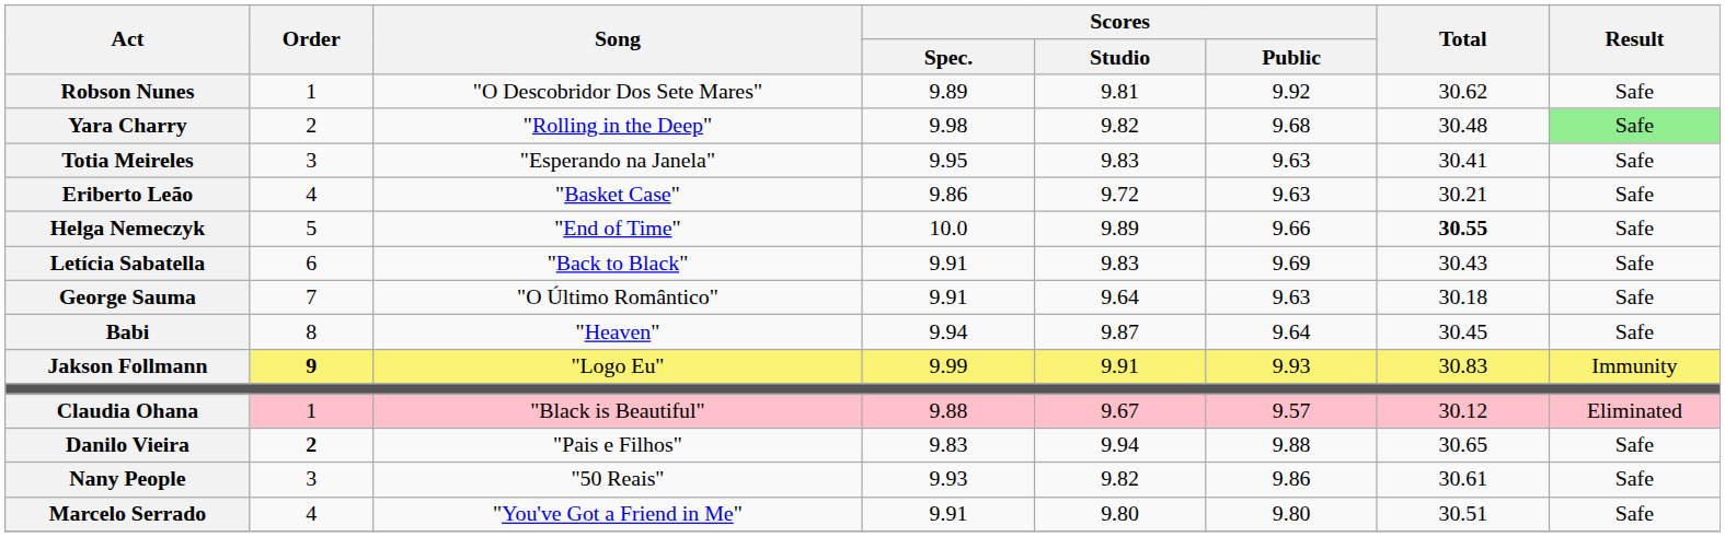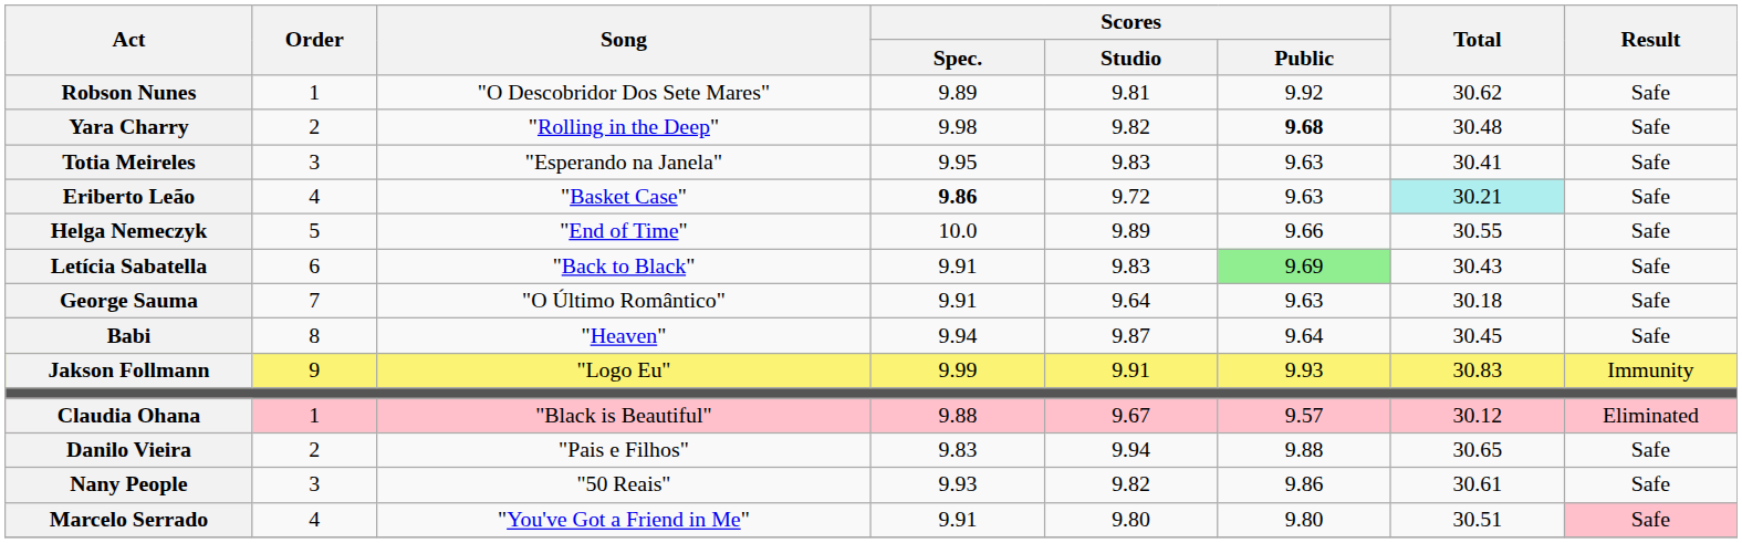 <table class="wikitable plainrowheaders" style="text-align:center; width:100%;">
 <tr>
 <th scope="col" rowspan=2 width="10.0%">Act</th>
 <th scope="col" rowspan=2 width="05.0%">Order</th>
 <th scope="col" rowspan=2 width="20.0%">Song</th>
 <th scope="col" colspan=3 width="20.0%">Scores</th>
 <th scope="col" rowspan=2 width="07.0%">Total</th>
 <th scope="col" rowspan=2 width="07.0%">Result</th>
 </tr>
 <tr>
 <th scope="col" width="07.0%">Spec.</th>
 <th scope="col" width="07.0%">Studio</th>
 <th scope="col" width="07.0%">Public</th>
 </tr>
 <tr>
 <th scope="row">Robson Nunes</th>
 <td>1</td>
 <td>"O Descobridor Dos Sete Mares"</td>
 <td>9.89 </td>
 <td>9.81</td>
 <td>9.92</td>
 <td>30.62</td>
 <td>Safe</td>
 </tr>
 <tr>
 <th scope="row">Yara Charry</th>
 <td>2</td>
 <td>"<a href='#'>Rolling in the Deep</a>"</td>
 <td>9.98 </td>
 <td>9.82</td>
-<td>9.68</td>
+<td><strong>9.68</strong></td>
 <td>30.48</td>
-<td style="background: lightgreen;">Safe</td>
+<td>Safe</td>
 </tr>
 <tr>
 <th scope="row">Totia Meireles</th>
 <td>3</td>
 <td>"Esperando na Janela"</td>
 <td>9.95 </td>
 <td>9.83</td>
 <td>9.63</td>
 <td>30.41</td>
 <td>Safe</td>
 </tr>
 <tr>
 <th scope="row">Eriberto Leão</th>
 <td>4</td>
 <td>"<a href='#'>Basket Case</a>"</td>
-<td>9.86 </td>
+<td><strong>9.86 </strong></td>
 <td>9.72</td>
 <td>9.63</td>
-<td>30.21</td>
+<td style="background: paleturquoise;">30.21</td>
 <td>Safe</td>
 </tr>
 <tr>
 <th scope="row">Helga Nemeczyk</th>
 <td>5</td>
 <td>"<a href='#'>End of Time</a>"</td>
 <td>10.0 </td>
 <td>9.89</td>
 <td>9.66</td>
-<td><strong>30.55</strong></td>
+<td>30.55</td>
 <td>Safe</td>
 </tr>
 <tr>
 <th scope="row">Letícia Sabatella</th>
 <td>6</td>
 <td>"<a href='#'>Back to Black</a>"</td>
 <td>9.91 </td>
 <td>9.83</td>
-<td>9.69</td>
+<td style="background: lightgreen;">9.69</td>
 <td>30.43</td>
 <td>Safe</td>
 </tr>
 <tr>
 <th scope="row">George Sauma</th>
 <td>7</td>
 <td>"O Último Romântico"</td>
 <td>9.91 </td>
 <td>9.64</td>
 <td>9.63</td>
 <td>30.18</td>
 <td>Safe</td>
 </tr>
 <tr>
 <th scope="row">Babi</th>
 <td>8</td>
 <td>"<a href='#'>Heaven</a>"</td>
 <td>9.94 </td>
 <td>9.87</td>
 <td>9.64</td>
 <td>30.45</td>
 <td>Safe</td>
 </tr>
 <tr bgcolor=FBF373>
 <th scope="row">Jakson Follmann</th>
-<td><strong>9</strong></td>
+<td>9</td>
 <td>"Logo Eu"</td>
 <td>9.99 </td>
 <td>9.91</td>
 <td>9.93</td>
 <td>30.83</td>
 <td>Immunity</td>
 </tr>
 <tr>
 <td bgcolor=555555 colspan=8></td>
 </tr>
 <tr bgcolor=FFC0CB>
 <th scope="row">Claudia Ohana</th>
 <td>1</td>
 <td>"Black is Beautiful"</td>
 <td>9.88 </td>
 <td>9.67</td>
 <td>9.57</td>
 <td>30.12</td>
 <td>Eliminated</td>
 </tr>
 <tr>
 <th scope="row">Danilo Vieira</th>
-<td><strong>2</strong></td>
+<td>2</td>
 <td>"Pais e Filhos"</td>
 <td>9.83 </td>
 <td>9.94</td>
 <td>9.88</td>
 <td>30.65</td>
 <td>Safe</td>
 </tr>
 <tr>
 <th scope="row">Nany People</th>
 <td>3</td>
 <td>"50 Reais"</td>
 <td>9.93 </td>
 <td>9.82</td>
 <td>9.86</td>
 <td>30.61</td>
 <td>Safe</td>
 </tr>
 <tr>
 <th scope="row">Marcelo Serrado</th>
 <td>4</td>
 <td>"<a href='#'>You've Got a Friend in Me</a>"</td>
 <td>9.91 </td>
 <td>9.80</td>
 <td>9.80</td>
 <td>30.51</td>
-<td>Safe</td>
+<td style="background: pink;">Safe</td>
 </tr>
 <tr>
 </tr>
 </table>
